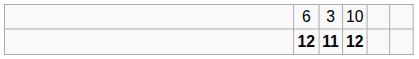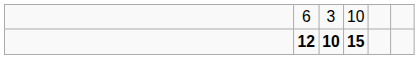 <table class="wikitable">
 <tr>
 <td style="width:18em"></td>
 <td align=center style="width:1em">6</td>
 <td align=center style="width:1em">3</td>
 <td align=center style="width:1em">10</td>
 <td align=center style="width:1em"></td>
 <td align=center style="width:1em"></td>
 </tr>
 <tr>
 <td style="width:18em"><strong></strong></td>
 <td align=center style="width:1em"><strong>12</strong></td>
-<td align=center style="width:1em"><strong>11</strong></td>
-<td align=center style="width:1em"><strong>12</strong></td>
+<td align=center style="width:1em"><strong>10</strong></td>
+<td align=center style="width:1em"><strong>15</strong></td>
 <td align=center style="width:1em"></td>
 <td align=center style="width:1em"></td>
 </tr>
 </table>
